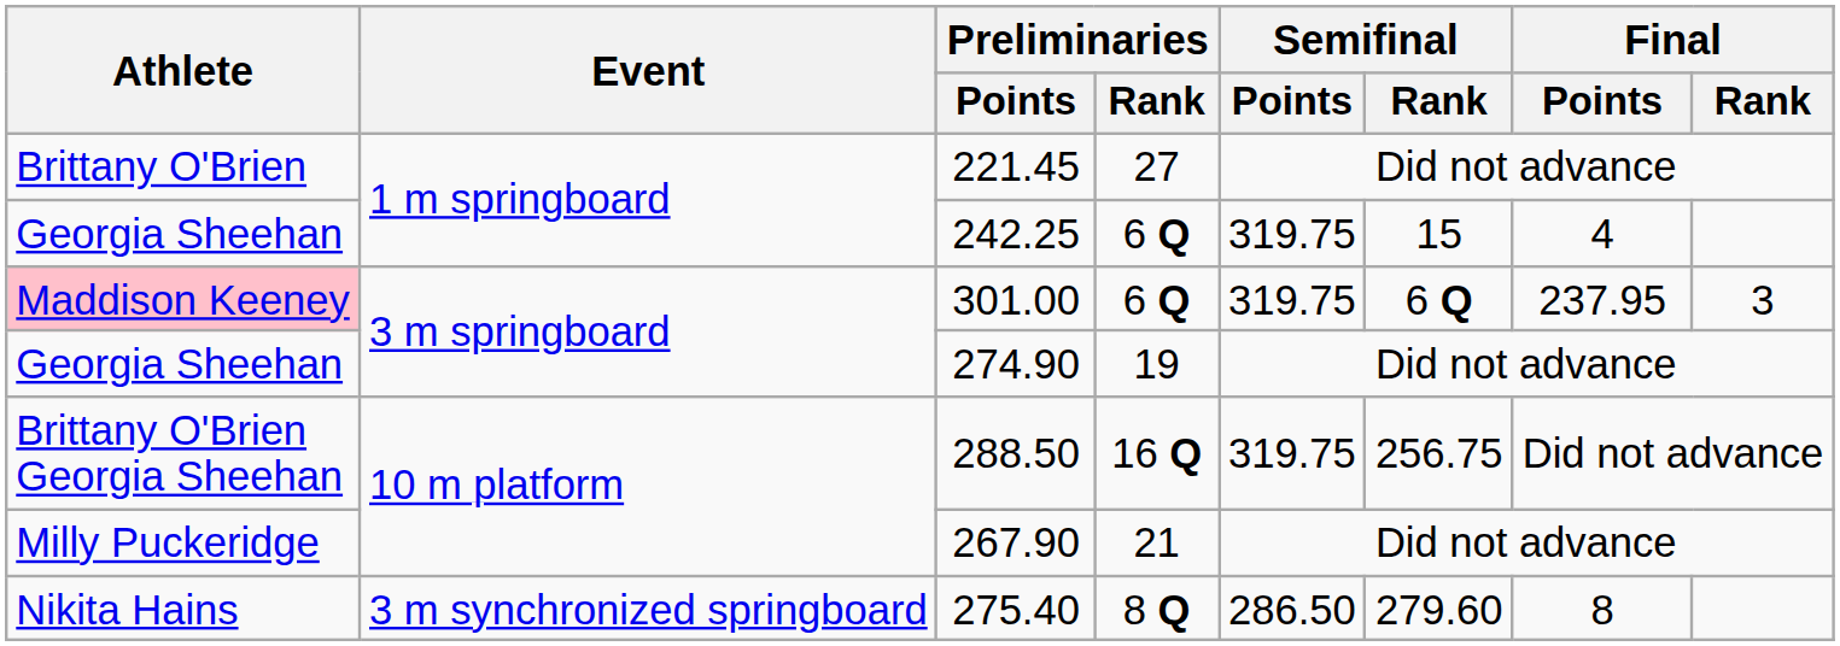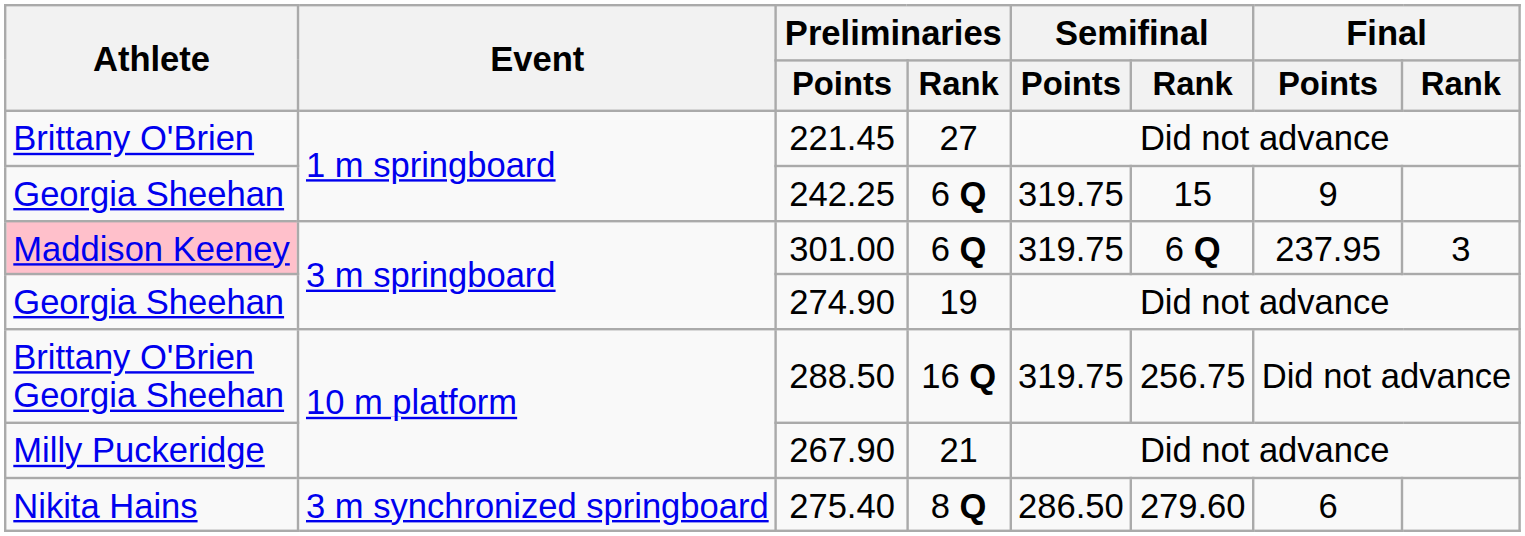 <table class="wikitable" style="text-align:center; font-size:90%;">
 <tr>
 <th rowspan=2>Athlete</th>
 <th rowspan=2>Event</th>
 <th colspan=2>Preliminaries</th>
 <th colspan=2>Semifinal</th>
 <th colspan=2>Final</th>
 </tr>
 <tr style="font-size:95%">
 <th>Points</th>
 <th>Rank</th>
 <th>Points</th>
 <th>Rank</th>
 <th>Points</th>
 <th>Rank</th>
 </tr>
 <tr>
 <td align=left><a href='#'>Brittany O'Brien</a></td>
 <td align=left rowspan=2><a href='#'>1 m springboard</a></td>
 <td>221.45</td>
 <td>27</td>
 <td colspan=4>Did not advance</td>
 </tr>
 <tr>
 <td align=left><a href='#'>Georgia Sheehan</a></td>
 <td>242.25</td>
 <td>6 <strong>Q</strong></td>
 <td>319.75</td>
 <td>15</td>
-<td>4</td>
+<td>9</td>
 </tr>
 <tr>
 <td align=left style="background: pink;"><a href='#'>Maddison Keeney</a></td>
 <td align=left rowspan=2><a href='#'>3 m springboard</a></td>
 <td>301.00</td>
 <td>6 <strong>Q</strong></td>
 <td>319.75</td>
 <td>6 <strong>Q</strong></td>
 <td>237.95</td>
 <td>3</td>
 </tr>
 <tr>
 <td align=left><a href='#'>Georgia Sheehan</a></td>
 <td>274.90</td>
 <td>19</td>
 <td colspan=4>Did not advance</td>
 </tr>
 <tr>
 <td align=left><a href='#'>Brittany O'Brien</a><br> <a href='#'>Georgia Sheehan</a></td>
 <td align=left rowspan=2><a href='#'>10 m platform</a></td>
 <td>288.50</td>
 <td>16 <strong>Q</strong></td>
 <td>319.75</td>
 <td>256.75</td>
 <td colspan=2>Did not advance</td>
 </tr>
 <tr>
 <td align=left><a href='#'>Milly Puckeridge</a></td>
 <td>267.90</td>
 <td>21</td>
 <td colspan=4>Did not advance</td>
 </tr>
 <tr>
 <td align=left><a href='#'>Nikita Hains</a></td>
 <td align=left><a href='#'>3 m synchronized springboard</a></td>
 <td>275.40</td>
 <td>8 <strong>Q</strong></td>
 <td>286.50</td>
 <td>279.60</td>
-<td>8</td>
+<td>6</td>
 </tr>
 </table>
